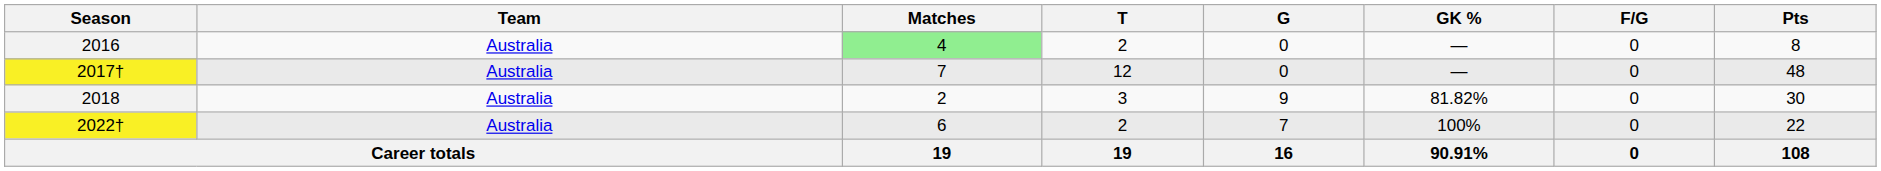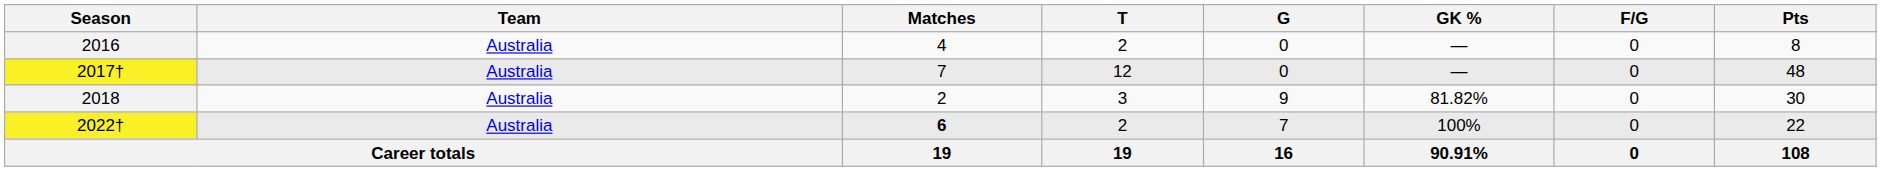 <table class="wikitable sortable"  style="font-size:90%; text-align:center; width:80%;">
 <tr>
 <th width=2%>Season</th>
 <th width=8%>Team</th>
 <th width=2%>Matches</th>
 <th width=2%>T</th>
 <th width=2%>G</th>
 <th width=2%>GK %</th>
 <th width=2%>F/G</th>
 <th width=2%>Pts</th>
 </tr>
 <tr>
 <th scope="row" style="text-align:center; font-weight:normal">2016</th>
 <td style="text-align:center;"> <a href='#'>Australia</a></td>
-<td style="background: lightgreen;">4</td>
+<td>4</td>
 <td>2</td>
 <td>0</td>
 <td>—</td>
 <td>0</td>
 <td>8</td>
 </tr>
 <tr style="background:#eaeaea;">
 <th scope="row" style="text-align:center; background:#f9f025; font-weight:normal">2017†</th>
 <td style="text-align:center;"> <a href='#'>Australia</a></td>
 <td>7</td>
 <td>12</td>
 <td>0</td>
 <td>—</td>
 <td>0</td>
 <td>48</td>
 </tr>
 <tr>
 <th scope="row" style="text-align:center; font-weight:normal">2018</th>
 <td style="text-align:center;"> <a href='#'>Australia</a></td>
 <td>2</td>
 <td>3</td>
 <td>9</td>
 <td>81.82%</td>
 <td>0</td>
 <td>30</td>
 </tr>
 <tr style="background:#eaeaea;">
 <th scope="row" style="text-align:center; background:#f9f025; font-weight:normal">2022†</th>
 <td style="text-align:center;"> <a href='#'>Australia</a></td>
-<td>6</td>
+<td><strong>6</strong></td>
 <td>2</td>
 <td>7</td>
 <td>100%</td>
 <td>0</td>
 <td>22</td>
 </tr>
 <tr class="sortbottom">
 <th colspan="2">Career totals</th>
 <th>19</th>
 <th>19</th>
 <th>16</th>
 <th>90.91%</th>
 <th>0</th>
 <th>108</th>
 </tr>
 </table>
